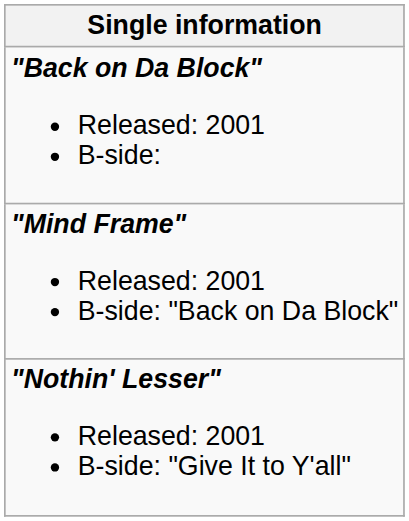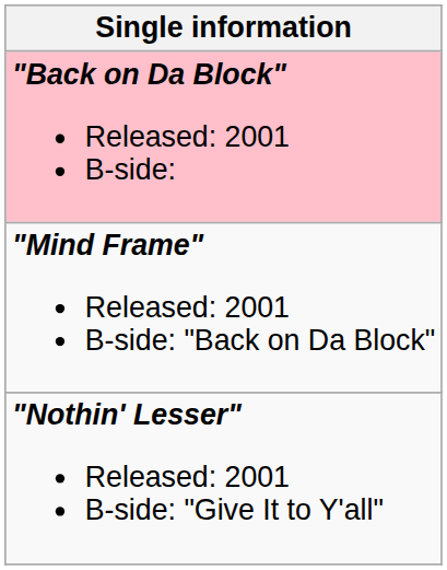 <table class="wikitable">
 <tr>
 <th>Single information</th>
 </tr>
 <tr>
-<td><strong><em>"Back on Da Block"</em></strong><br><ul><li>Released: 2001</li><li>B-side:</li></ul></td>
+<td style="background: pink;"><strong><em>"Back on Da Block"</em></strong><br><ul><li>Released: 2001</li><li>B-side:</li></ul></td>
 </tr>
 <tr>
 <td><strong><em>"Mind Frame"</em></strong><br><ul><li>Released: 2001</li><li>B-side: "Back on Da Block"</li></ul></td>
 </tr>
 <tr>
 <td><strong><em>"Nothin' Lesser"</em></strong><br><ul><li>Released: 2001</li><li>B-side: "Give It to Y'all"</li></ul></td>
 </tr>
 </table>
